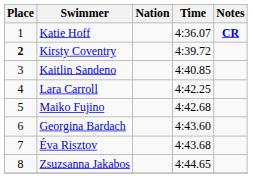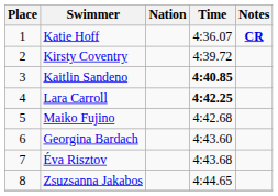 <table class="wikitable sortable" style="text-align:center">
 <tr>
 <th>Place</th>
 <th>Swimmer</th>
 <th>Nation</th>
 <th>Time</th>
 <th>Notes</th>
 </tr>
 <tr>
 <td>1</td>
 <td align=left><a href='#'>Katie Hoff</a></td>
 <td align=left></td>
 <td>4:36.07</td>
 <td><strong><a href='#'>CR</a></strong></td>
 </tr>
 <tr>
-<td><strong>2</strong></td>
+<td>2</td>
 <td align=left><a href='#'>Kirsty Coventry</a></td>
 <td align=left></td>
 <td>4:39.72</td>
 <td></td>
 </tr>
 <tr>
 <td>3</td>
 <td align=left><a href='#'>Kaitlin Sandeno</a></td>
 <td align=left></td>
-<td>4:40.85</td>
+<td><strong>4:40.85</strong></td>
 <td></td>
 </tr>
 <tr>
 <td>4</td>
 <td align=left><a href='#'>Lara Carroll</a></td>
 <td align=left></td>
-<td>4:42.25</td>
+<td><strong>4:42.25</strong></td>
 <td></td>
 </tr>
 <tr>
 <td>5</td>
 <td align=left><a href='#'>Maiko Fujino</a></td>
 <td align=left></td>
 <td>4:42.68</td>
 <td></td>
 </tr>
 <tr>
 <td>6</td>
 <td align=left><a href='#'>Georgina Bardach</a></td>
 <td align=left></td>
 <td>4:43.60</td>
 <td></td>
 </tr>
 <tr>
 <td>7</td>
 <td align=left><a href='#'>Éva Risztov</a></td>
 <td align=left></td>
 <td>4:43.68</td>
 <td></td>
 </tr>
 <tr>
 <td>8</td>
 <td align=left><a href='#'>Zsuzsanna Jakabos</a></td>
 <td align=left></td>
 <td>4:44.65</td>
 <td></td>
 </tr>
 <tr>
 </tr>
 </table>
